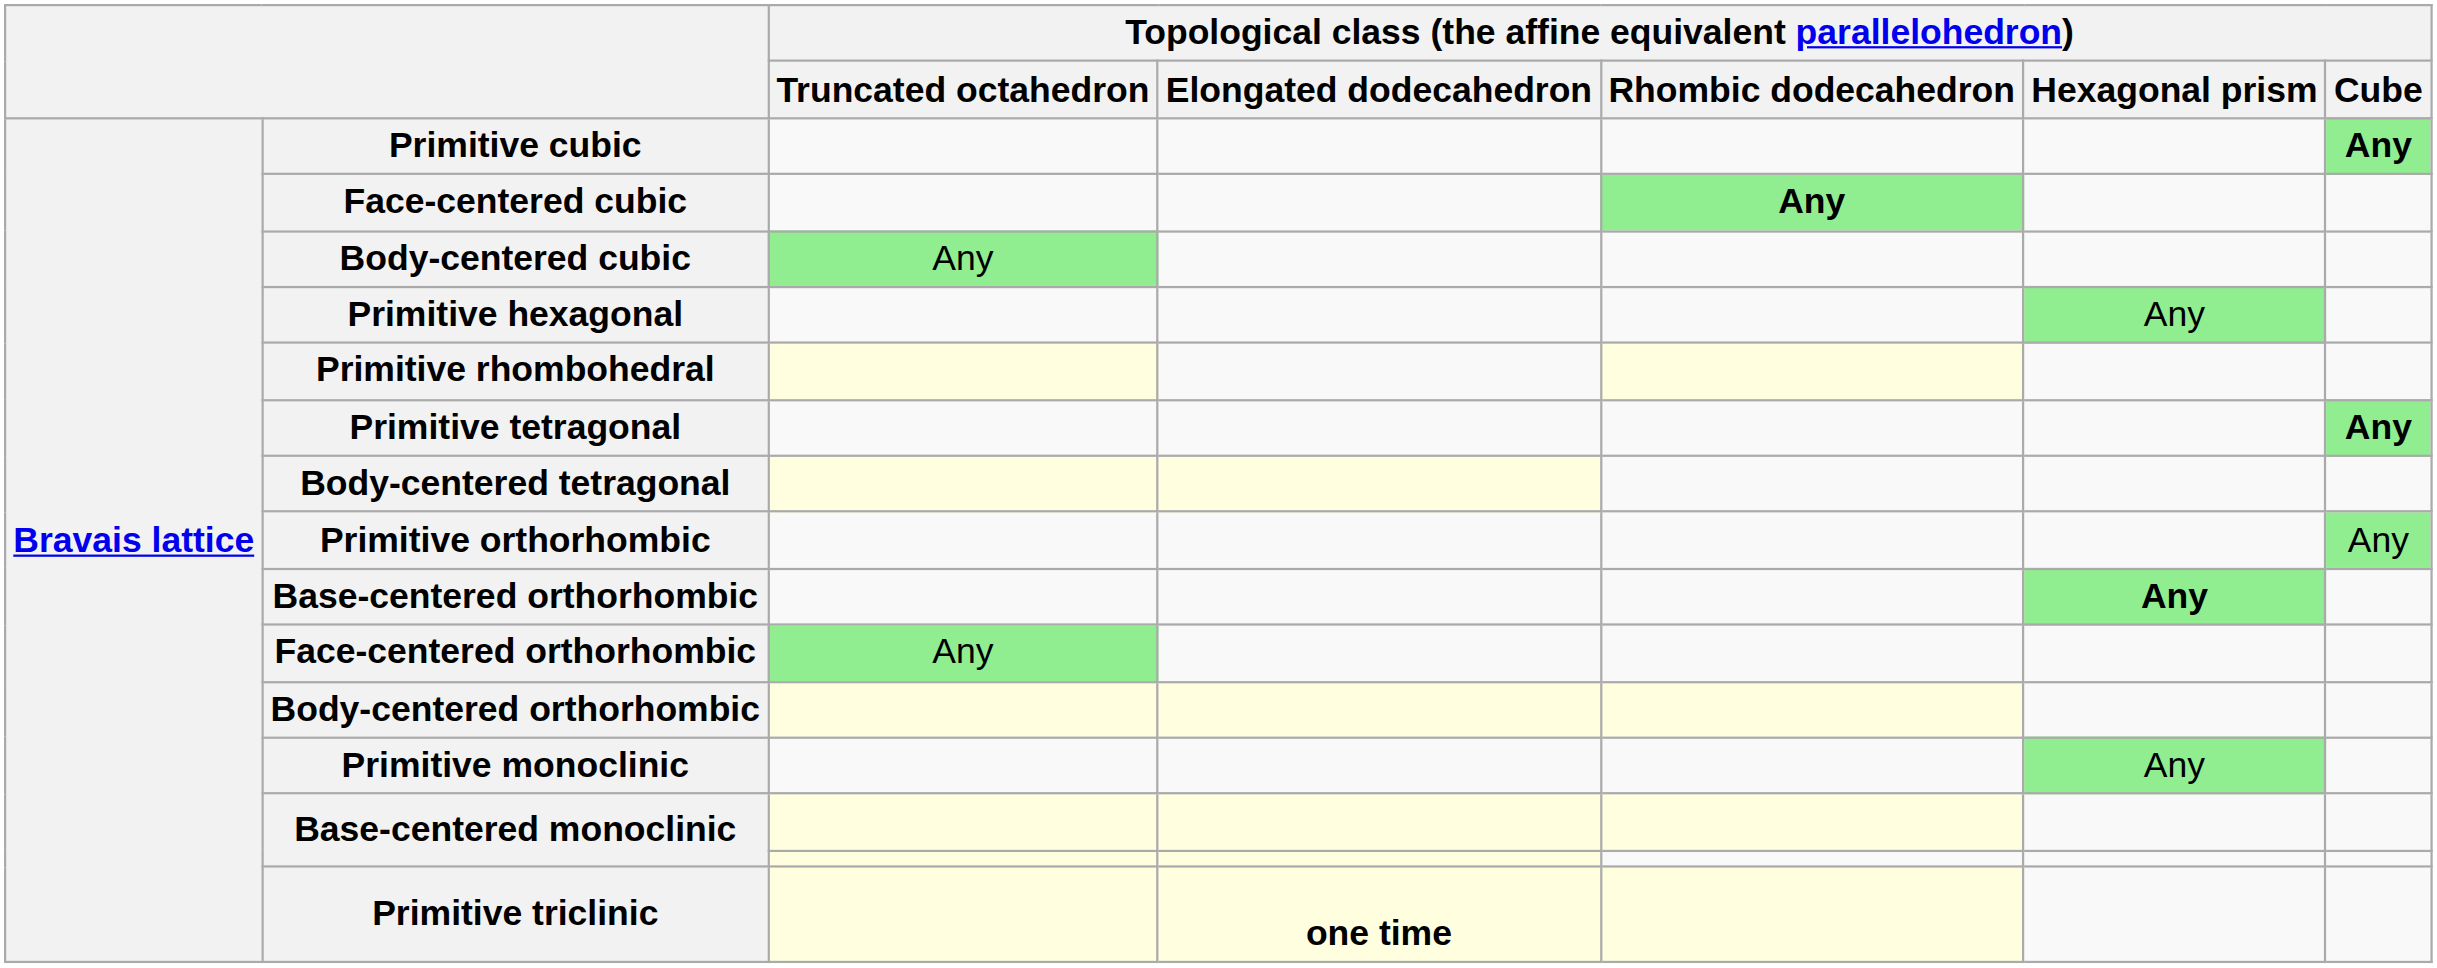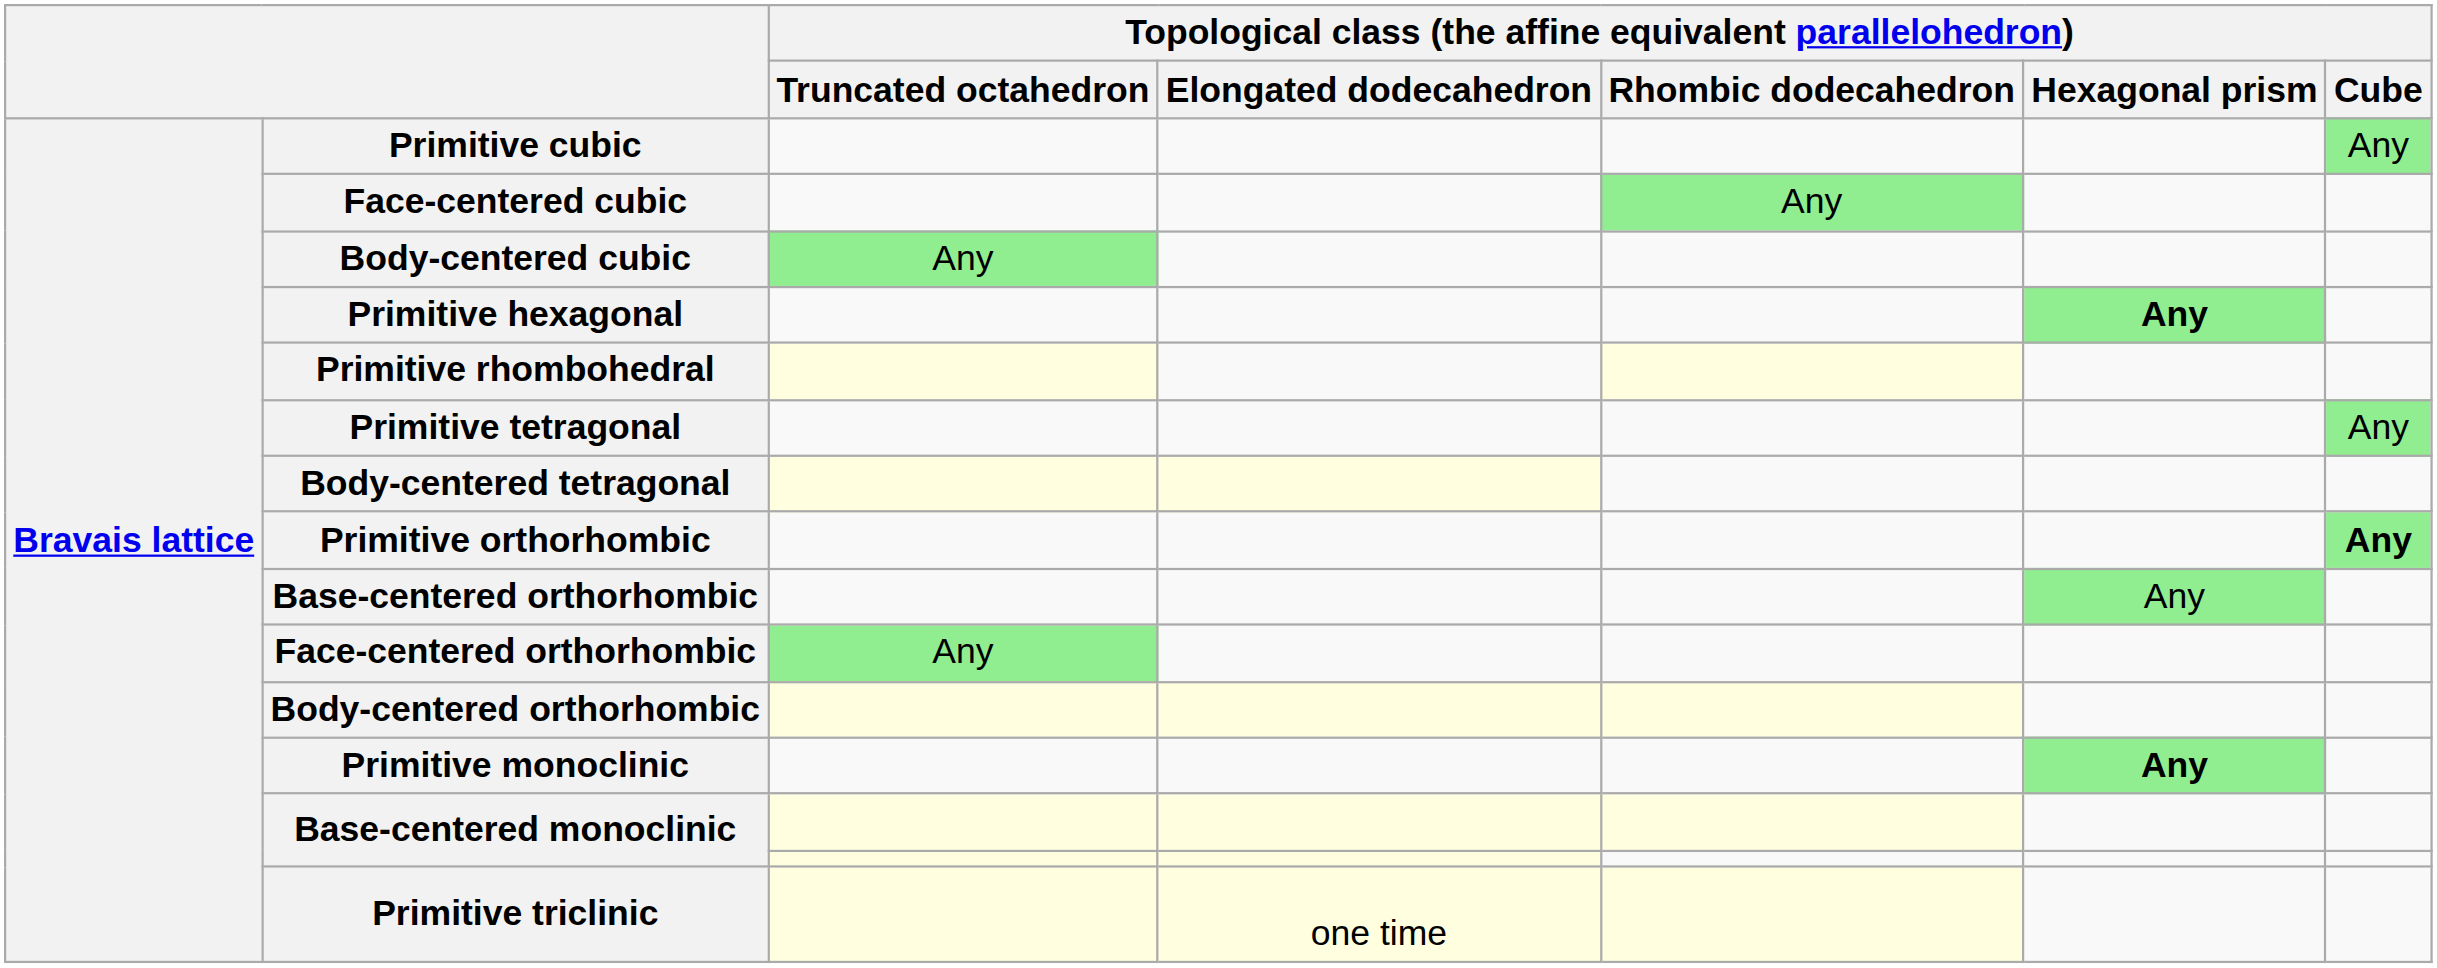 <table class="wikitable" style="text-align: center;">
 <tr>
 <th rowspan=2 colspan=2></th>
 <th colspan=5>Topological class (the affine equivalent <a href='#'>parallelohedron</a>)</th>
 </tr>
 <tr>
 <th>Truncated octahedron </th>
 <th>Elongated dodecahedron </th>
 <th>Rhombic dodecahedron </th>
 <th>Hexagonal prism </th>
 <th>Cube </th>
 </tr>
 <tr>
 <th rowspan=15><a href='#'>Bravais lattice</a></th>
 <th>Primitive cubic</th>
 <td></td>
 <td></td>
 <td></td>
 <td></td>
-<td style="background: lightgreen;"><strong>Any</strong></td>
+<td style="background: lightgreen;">Any</td>
 </tr>
 <tr>
 <th>Face-centered cubic</th>
 <td></td>
 <td></td>
-<td style="background: lightgreen;"><strong>Any</strong></td>
+<td style="background: lightgreen;">Any</td>
 <td></td>
 <td></td>
 </tr>
 <tr>
 <th>Body-centered cubic</th>
 <td style="background: lightgreen;">Any</td>
 <td></td>
 <td></td>
 <td></td>
 <td></td>
 </tr>
 <tr>
 <th>Primitive hexagonal</th>
 <td></td>
 <td></td>
 <td></td>
-<td style="background: lightgreen;">Any</td>
+<td style="background: lightgreen;"><strong>Any</strong></td>
 <td></td>
 </tr>
 <tr>
 <th>Primitive rhombohedral</th>
 <td style="background: lightyellow;"></td>
 <td></td>
 <td style="background: lightyellow;"></td>
 <td></td>
 <td></td>
 </tr>
 <tr>
 <th>Primitive tetragonal</th>
 <td></td>
 <td></td>
 <td></td>
 <td></td>
-<td style="background: lightgreen;"><strong>Any</strong></td>
+<td style="background: lightgreen;">Any</td>
 </tr>
 <tr>
 <th>Body-centered tetragonal</th>
 <td style="background: lightyellow;"></td>
 <td style="background: lightyellow;"></td>
 <td></td>
 <td></td>
 <td></td>
 </tr>
 <tr>
 <th>Primitive orthorhombic</th>
 <td></td>
 <td></td>
 <td></td>
 <td></td>
-<td style="background: lightgreen;">Any</td>
+<td style="background: lightgreen;"><strong>Any</strong></td>
 </tr>
 <tr>
 <th>Base-centered orthorhombic</th>
 <td></td>
 <td></td>
 <td></td>
-<td style="background: lightgreen;"><strong>Any</strong></td>
+<td style="background: lightgreen;">Any</td>
 <td></td>
 </tr>
 <tr>
 <th>Face-centered orthorhombic</th>
 <td style="background: lightgreen;">Any</td>
 <td></td>
 <td></td>
 <td></td>
 <td></td>
 </tr>
 <tr>
 <th>Body-centered orthorhombic</th>
 <td style="background: lightyellow;"></td>
 <td style="background: lightyellow;"></td>
 <td style="background: lightyellow;"></td>
 <td></td>
 <td></td>
 </tr>
 <tr>
 <th>Primitive monoclinic</th>
 <td></td>
 <td></td>
 <td></td>
-<td style="background: lightgreen;">Any</td>
+<td style="background: lightgreen;"><strong>Any</strong></td>
 <td></td>
 </tr>
 <tr>
 <th rowspan=2>Base-centered monoclinic</th>
 <td style="background: lightyellow;"><br></td>
 <td style="background: lightyellow;"></td>
 <td style="background: lightyellow;"></td>
 <td></td>
 <td></td>
 </tr>
 <tr>
 <td style="background: lightyellow;"></td>
 <td style="background: lightyellow;"></td>
 <td></td>
 <td></td>
 <td></td>
 </tr>
 <tr>
 <th>Primitive triclinic</th>
 <td style="background: lightyellow;"><br><br></td>
-<td style="background: lightyellow;"><strong><br>one time</strong></td>
+<td style="background: lightyellow;"><br>one time</td>
 <td style="background: lightyellow;"><br><br></td>
 <td></td>
 <td></td>
 </tr>
 </table>
